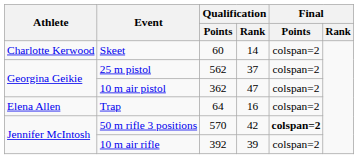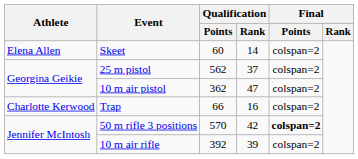 <table class="wikitable" style="text-align:center; font-size:90%;">
 <tr>
 <th rowspan=2>Athlete</th>
 <th rowspan=2>Event</th>
 <th colspan=2>Qualification</th>
 <th colspan=2>Final</th>
 </tr>
 <tr style="font-size:95%">
 <th>Points</th>
 <th>Rank</th>
 <th>Points</th>
 <th>Rank</th>
 </tr>
 <tr>
-<td style="text-align:left;"><a href='#'>Charlotte Kerwood</a></td>
+<td style="text-align:left;"><a href='#'>Elena Allen</a></td>
 <td style="text-align:left;"><a href='#'>Skeet</a></td>
 <td>60</td>
 <td>14</td>
 <td>colspan=2 </td>
 </tr>
 <tr>
 <td style="text-align:left;" rowspan="2"><a href='#'>Georgina Geikie</a></td>
 <td style="text-align:left;"><a href='#'>25 m pistol</a></td>
 <td>562</td>
 <td>37</td>
 <td>colspan=2 </td>
 </tr>
 <tr>
 <td style="text-align:left;"><a href='#'>10 m air pistol</a></td>
 <td>362</td>
 <td>47</td>
 <td>colspan=2 </td>
 </tr>
 <tr>
-<td style="text-align:left;"><a href='#'>Elena Allen</a></td>
+<td style="text-align:left;"><a href='#'>Charlotte Kerwood</a></td>
 <td style="text-align:left;"><a href='#'>Trap</a></td>
-<td>64</td>
+<td>66</td>
 <td>16</td>
 <td>colspan=2 </td>
 </tr>
 <tr>
 <td style="text-align:left;" rowspan="2"><a href='#'>Jennifer McIntosh</a></td>
 <td style="text-align:left;"><a href='#'>50 m rifle 3 positions</a></td>
 <td>570</td>
 <td>42</td>
 <td><strong>colspan=2 </strong></td>
 </tr>
 <tr>
 <td style="text-align:left;"><a href='#'>10 m air rifle</a></td>
 <td>392</td>
 <td>39</td>
 <td>colspan=2 </td>
 </tr>
 </table>
